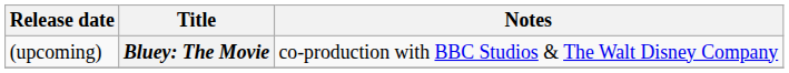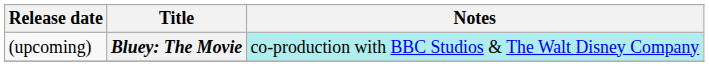 <table class="wikitable plainrowheaders sortable">
 <tr>
 <th scope="col">Release date</th>
 <th scope="col">Title</th>
 <th scope="col" class="unsortable">Notes</th>
 </tr>
 <tr>
 <td> (upcoming)</td>
 <th scope="row"><em>Bluey: The Movie</em></th>
-<td>co-production with <a href='#'>BBC Studios</a> & <a href='#'>The Walt Disney Company</a></td>
+<td style="background: paleturquoise;">co-production with <a href='#'>BBC Studios</a> & <a href='#'>The Walt Disney Company</a></td>
 </tr>
 <tr>
 </tr>
 </table>
